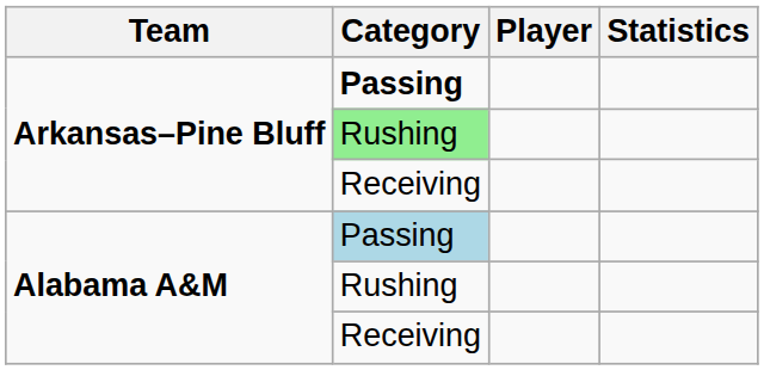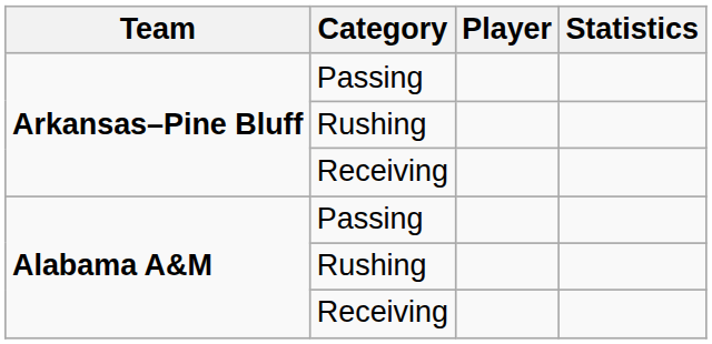 <table class="wikitable" style="float: left;">
 <tr>
 <th>Team</th>
 <th>Category</th>
 <th>Player</th>
 <th>Statistics</th>
 </tr>
 <tr>
 <td rowspan=3><strong>Arkansas–Pine Bluff</strong></td>
-<td><strong>Passing</strong></td>
+<td>Passing</td>
 <td> </td>
 <td> </td>
 </tr>
 <tr>
-<td style="background: lightgreen;">Rushing</td>
+<td>Rushing</td>
 <td> </td>
 <td> </td>
 </tr>
 <tr>
 <td>Receiving</td>
 <td> </td>
 <td> </td>
 </tr>
 <tr>
 <td rowspan=3><strong>Alabama A&M</strong></td>
-<td style="background: lightblue;">Passing</td>
+<td>Passing</td>
 <td> </td>
 <td> </td>
 </tr>
 <tr>
 <td>Rushing</td>
 <td> </td>
 <td> </td>
 </tr>
 <tr>
 <td>Receiving</td>
 <td> </td>
 <td> </td>
 </tr>
 </table>
